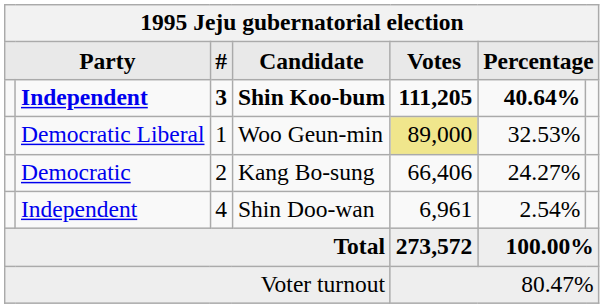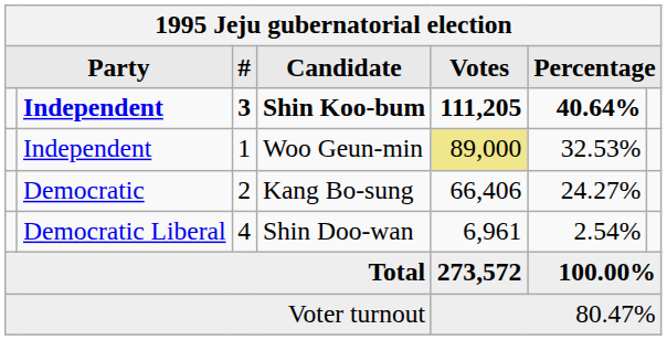 <table class="wikitable">
 <tr>
 <th colspan="7">1995 Jeju gubernatorial election</th>
 </tr>
 <tr>
 <th style="background-color:#E9E9E9" colspan=2>Party</th>
 <th style="background-color:#E9E9E9">#</th>
 <th style="background-color:#E9E9E9">Candidate</th>
 <th style="background-color:#E9E9E9">Votes</th>
 <th style="background-color:#E9E9E9" colspan=2>Percentage</th>
 </tr>
 <tr style="font-weight:bold">
 <td></td>
 <td align=left><a href='#'>Independent</a></td>
 <td align=center>3</td>
 <td align=left>Shin Koo-bum</td>
 <td align=right>111,205</td>
 <td align=right>40.64%</td>
 <td align=right></td>
 </tr>
 <tr>
 <td></td>
-<td align=left><a href='#'>Democratic Liberal</a></td>
+<td align=left><a href='#'>Independent</a></td>
 <td align=center>1</td>
 <td align=left>Woo Geun-min</td>
 <td align=right style="background: khaki;">89,000</td>
 <td align=right>32.53%</td>
 <td align=right></td>
 </tr>
 <tr>
 <td></td>
 <td align=left><a href='#'>Democratic</a></td>
 <td align=center>2</td>
 <td align=left>Kang Bo-sung</td>
 <td align=right>66,406</td>
 <td align=right>24.27%</td>
 <td align=right></td>
 </tr>
 <tr>
 <td></td>
-<td align=left><a href='#'>Independent</a></td>
+<td align=left><a href='#'>Democratic Liberal</a></td>
 <td align=center>4</td>
 <td align=left>Shin Doo-wan</td>
 <td align=right>6,961</td>
 <td align=right>2.54%</td>
 <td align=right></td>
 </tr>
 <tr bgcolor="#EEEEEE" style="font-weight:bold">
 <td colspan="4" align=right>Total</td>
 <td align=right>273,572</td>
 <td align=right colspan=2>100.00%</td>
 </tr>
 <tr bgcolor="#EEEEEE">
 <td colspan="4" align="right">Voter turnout</td>
 <td colspan="3" align="right">80.47%</td>
 </tr>
 </table>
